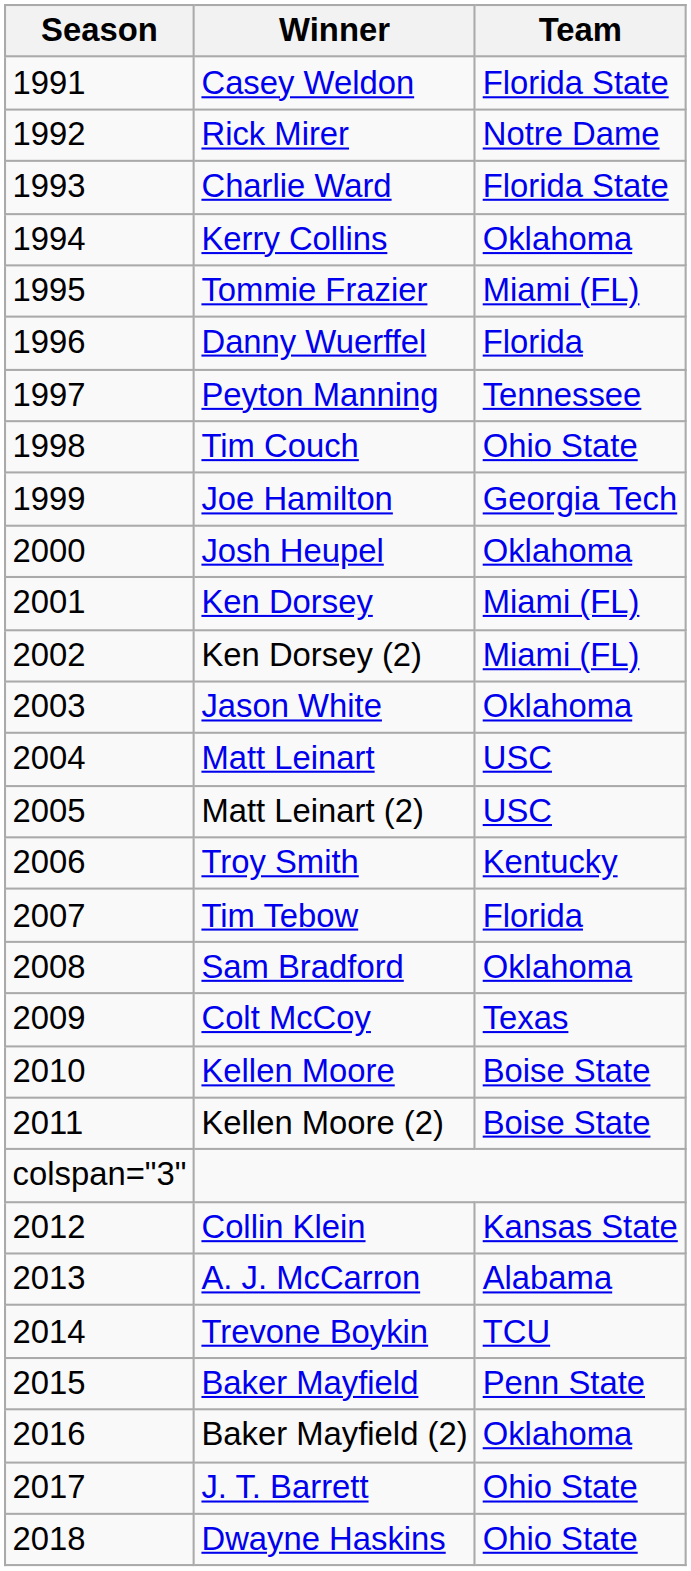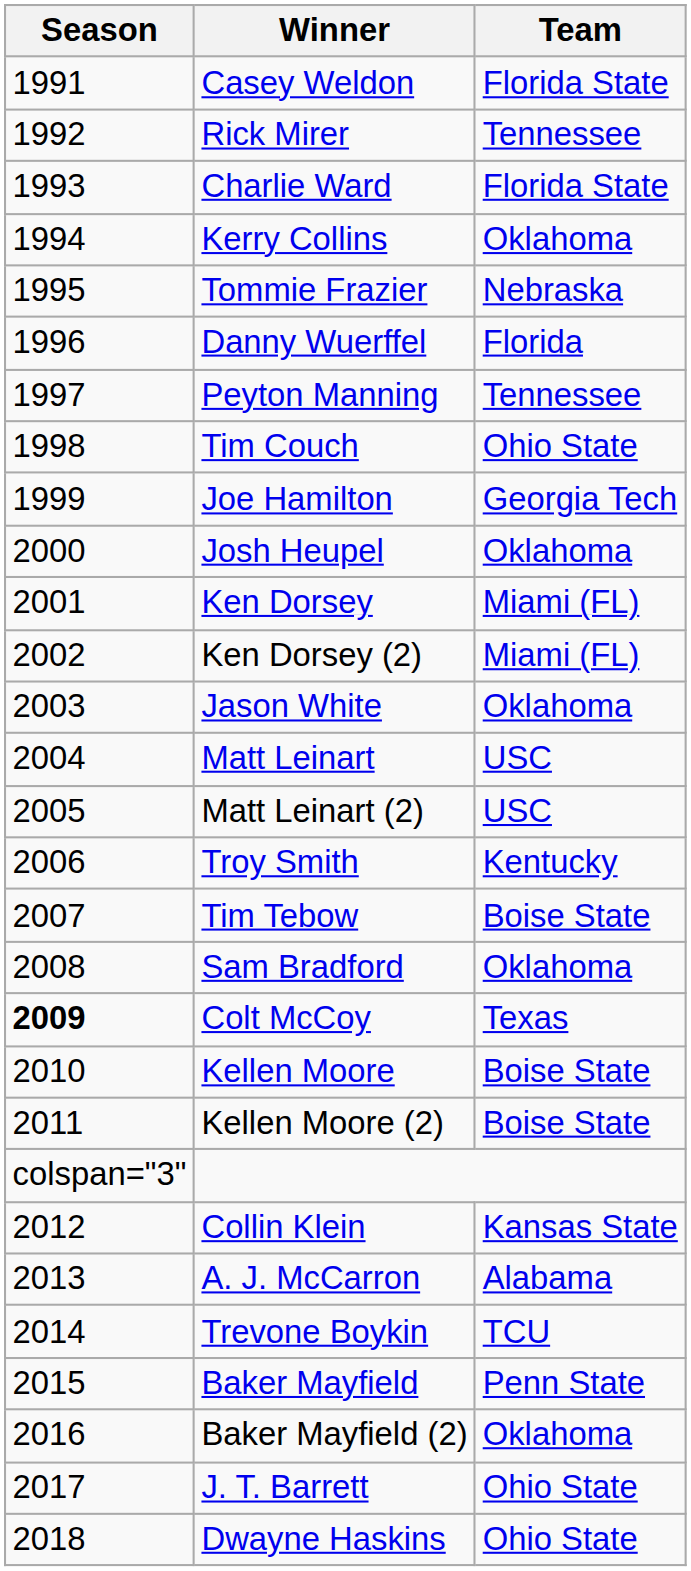 <table class="wikitable sortable">
 <tr>
 <th>Season</th>
 <th>Winner</th>
 <th>Team</th>
 </tr>
 <tr>
 <td>1991</td>
 <td><a href='#'>Casey Weldon</a></td>
 <td><a href='#'>Florida State</a></td>
 </tr>
 <tr>
 <td>1992</td>
 <td><a href='#'>Rick Mirer</a></td>
-<td><a href='#'>Notre Dame</a></td>
+<td><a href='#'>Tennessee</a></td>
 </tr>
 <tr>
 <td>1993</td>
 <td><a href='#'>Charlie Ward</a></td>
 <td><a href='#'>Florida State</a></td>
 </tr>
 <tr>
 <td>1994</td>
 <td><a href='#'>Kerry Collins</a></td>
 <td><a href='#'>Oklahoma</a></td>
 </tr>
 <tr>
 <td>1995</td>
 <td><a href='#'>Tommie Frazier</a></td>
-<td><a href='#'>Miami (FL)</a></td>
+<td><a href='#'>Nebraska</a></td>
 </tr>
 <tr>
 <td>1996</td>
 <td><a href='#'>Danny Wuerffel</a></td>
 <td><a href='#'>Florida</a></td>
 </tr>
 <tr>
 <td>1997</td>
 <td><a href='#'>Peyton Manning</a></td>
 <td><a href='#'>Tennessee</a></td>
 </tr>
 <tr>
 <td>1998</td>
 <td><a href='#'>Tim Couch</a></td>
 <td><a href='#'>Ohio State</a></td>
 </tr>
 <tr>
 <td>1999</td>
 <td><a href='#'>Joe Hamilton</a></td>
 <td><a href='#'>Georgia Tech</a></td>
 </tr>
 <tr>
 <td>2000</td>
 <td><a href='#'>Josh Heupel</a></td>
 <td><a href='#'>Oklahoma</a></td>
 </tr>
 <tr>
 <td>2001</td>
 <td><a href='#'>Ken Dorsey</a></td>
 <td><a href='#'>Miami (FL)</a></td>
 </tr>
 <tr>
 <td>2002</td>
 <td>Ken Dorsey (2)</td>
 <td><a href='#'>Miami (FL)</a></td>
 </tr>
 <tr>
 <td>2003</td>
 <td><a href='#'>Jason White</a></td>
 <td><a href='#'>Oklahoma</a></td>
 </tr>
 <tr>
 <td>2004</td>
 <td><a href='#'>Matt Leinart</a></td>
 <td><a href='#'>USC</a></td>
 </tr>
 <tr>
 <td>2005</td>
 <td>Matt Leinart (2)</td>
 <td><a href='#'>USC</a></td>
 </tr>
 <tr>
 <td>2006</td>
 <td><a href='#'>Troy Smith</a></td>
 <td><a href='#'>Kentucky</a></td>
 </tr>
 <tr>
 <td>2007</td>
 <td><a href='#'>Tim Tebow</a></td>
-<td><a href='#'>Florida</a></td>
+<td><a href='#'>Boise State</a></td>
 </tr>
 <tr>
 <td>2008</td>
 <td><a href='#'>Sam Bradford</a></td>
 <td><a href='#'>Oklahoma</a></td>
 </tr>
 <tr>
-<td>2009</td>
+<td><strong>2009</strong></td>
 <td><a href='#'>Colt McCoy</a></td>
 <td><a href='#'>Texas</a></td>
 </tr>
 <tr>
 <td>2010</td>
 <td><a href='#'>Kellen Moore</a></td>
 <td><a href='#'>Boise State</a></td>
 </tr>
 <tr>
 <td>2011</td>
 <td>Kellen Moore (2)</td>
 <td><a href='#'>Boise State</a></td>
 </tr>
 <tr>
 <td>colspan="3" </td>
 </tr>
 <tr>
 <td>2012</td>
 <td><a href='#'>Collin Klein</a></td>
 <td><a href='#'>Kansas State</a></td>
 </tr>
 <tr>
 <td>2013</td>
 <td><a href='#'>A. J. McCarron</a></td>
 <td><a href='#'>Alabama</a></td>
 </tr>
 <tr>
 <td>2014</td>
 <td><a href='#'>Trevone Boykin</a></td>
 <td><a href='#'>TCU</a></td>
 </tr>
 <tr>
 <td>2015</td>
 <td><a href='#'>Baker Mayfield</a></td>
 <td><a href='#'>Penn State</a></td>
 </tr>
 <tr>
 <td>2016</td>
 <td>Baker Mayfield (2)</td>
 <td><a href='#'>Oklahoma</a></td>
 </tr>
 <tr>
 <td>2017</td>
 <td><a href='#'>J. T. Barrett</a></td>
 <td><a href='#'>Ohio State</a></td>
 </tr>
 <tr>
 <td>2018</td>
 <td><a href='#'>Dwayne Haskins</a></td>
 <td><a href='#'>Ohio State</a></td>
 </tr>
 </table>
